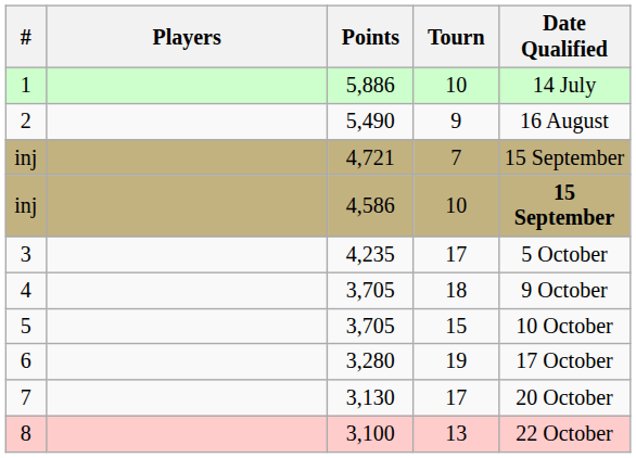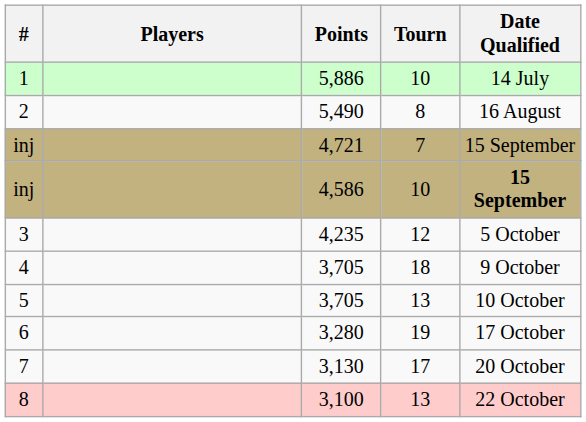 <table class="sortable wikitable" style="float:right;margin-left:1em;text-align:center;font-size:90%;text:justify;">
 <tr>
 <th width=20>#</th>
 <th width=180>Players</th>
 <th width=50>Points</th>
 <th width=50>Tourn</th>
 <th width=80>Date Qualified</th>
 </tr>
 <tr style="background:#cfc;">
 <td>1</td>
 <td align=left> <br> </td>
 <td>5,886</td>
 <td>10</td>
 <td>14 July</td>
 </tr>
 <tr>
 <td>2</td>
 <td align=left> <br> </td>
 <td>5,490</td>
-<td>9</td>
+<td>8</td>
 <td>16 August</td>
 </tr>
 <tr style="background:#C2B280;">
 <td>inj</td>
 <td align=left> <br> </td>
 <td>4,721</td>
 <td>7</td>
 <td>15 September</td>
 </tr>
 <tr style="background:#C2B280;">
 <td>inj</td>
 <td align=left> <br> </td>
 <td>4,586</td>
 <td>10</td>
 <td><strong>15 September</strong></td>
 </tr>
 <tr>
 <td>3</td>
 <td align=left> <br>  </td>
 <td>4,235</td>
-<td>17</td>
+<td>12</td>
 <td>5 October</td>
 </tr>
 <tr>
 <td>4</td>
 <td align=left> <br> </td>
 <td>3,705</td>
 <td>18</td>
 <td>9 October</td>
 </tr>
 <tr>
 <td>5</td>
 <td align=left> <br> </td>
 <td>3,705</td>
-<td>15</td>
+<td>13</td>
 <td>10 October</td>
 </tr>
 <tr>
 <td>6</td>
 <td align=left><br> </td>
 <td>3,280</td>
 <td>19</td>
 <td>17 October</td>
 </tr>
 <tr>
 <td>7</td>
 <td align=left><br> </td>
 <td>3,130</td>
 <td>17</td>
 <td>20 October</td>
 </tr>
 <tr style="background:#fcc;">
 <td>8</td>
 <td align=left><br> </td>
 <td>3,100</td>
 <td>13</td>
 <td>22 October</td>
 </tr>
 </table>
